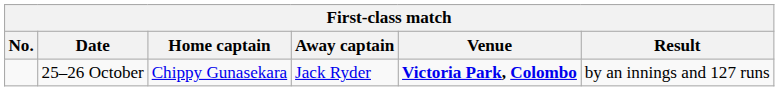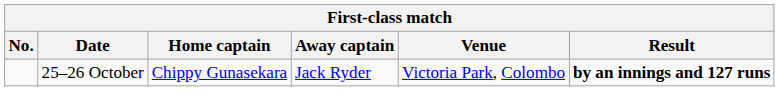 <table class="wikitable">
 <tr>
 <th colspan="9">First-class match</th>
 </tr>
 <tr>
 <th>No.</th>
 <th>Date</th>
 <th>Home captain</th>
 <th>Away captain</th>
 <th>Venue</th>
 <th>Result</th>
 </tr>
 <tr>
 <td></td>
 <td>25–26 October</td>
 <td><a href='#'>Chippy Gunasekara</a></td>
 <td><a href='#'>Jack Ryder</a></td>
-<td><strong><a href='#'>Victoria Park</a>, <a href='#'>Colombo</a></strong></td>
-<td> by an innings and 127 runs</td>
+<td><a href='#'>Victoria Park</a>, <a href='#'>Colombo</a></td>
+<td><strong> by an innings and 127 runs</strong></td>
 </tr>
 </table>
